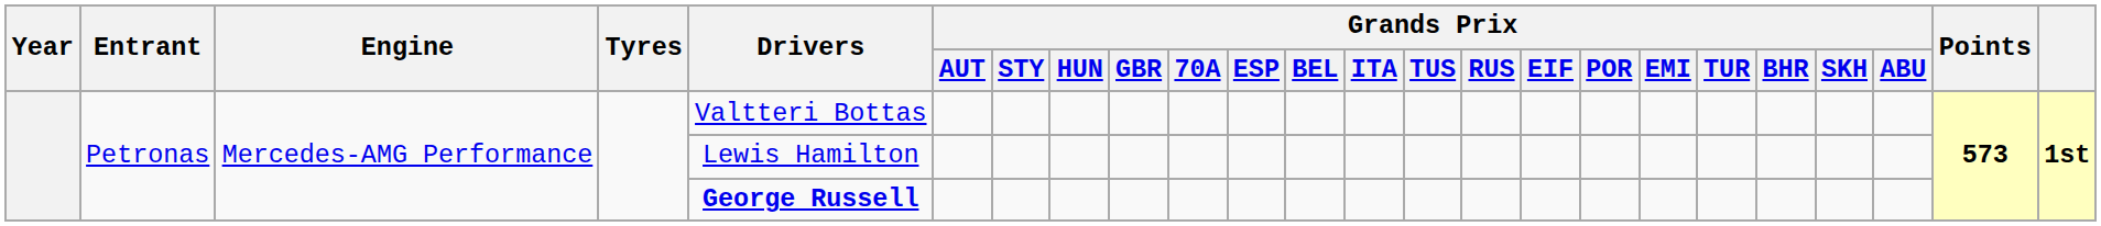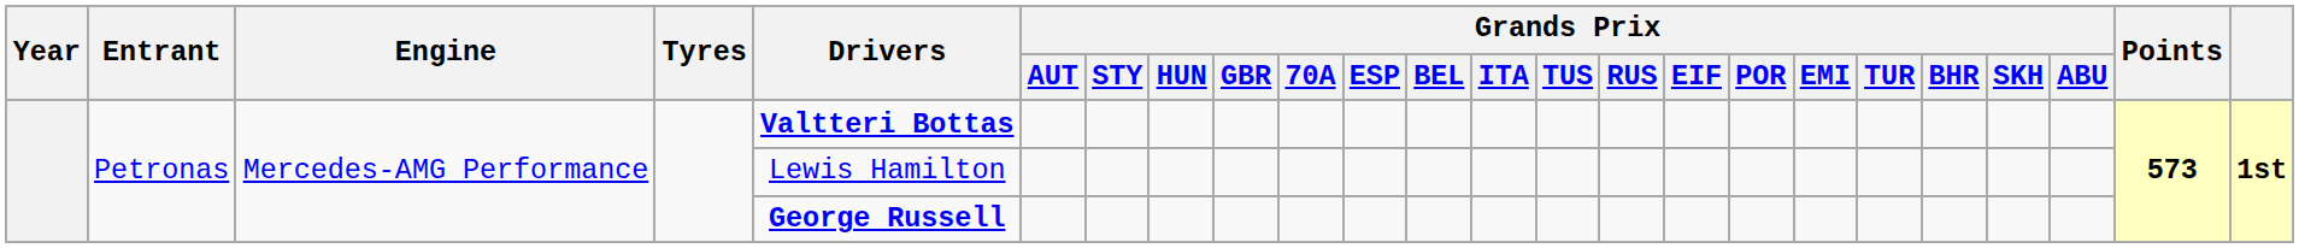 <table class="wikitable" style="text-align:center; font-size:90%">
 <tr>
 <th rowspan="2">Year</th>
 <th rowspan="2">Entrant</th>
 <th rowspan="2">Engine</th>
 <th rowspan="2">Tyres</th>
 <th rowspan="2">Drivers</th>
 <th colspan="17">Grands Prix</th>
 <th rowspan="2">Points</th>
 <th rowspan="2"></th>
 </tr>
 <tr>
 <th><a href='#'>AUT</a></th>
 <th><a href='#'>STY</a></th>
 <th><a href='#'>HUN</a></th>
 <th><a href='#'>GBR</a></th>
 <th><a href='#'>70A</a></th>
 <th><a href='#'>ESP</a></th>
 <th><a href='#'>BEL</a></th>
 <th><a href='#'>ITA</a></th>
 <th><a href='#'>TUS</a></th>
 <th><a href='#'>RUS</a></th>
 <th><a href='#'>EIF</a></th>
 <th><a href='#'>POR</a></th>
 <th><a href='#'>EMI</a></th>
 <th><a href='#'>TUR</a></th>
 <th><a href='#'>BHR</a></th>
 <th><a href='#'>SKH</a></th>
 <th><a href='#'>ABU</a></th>
 </tr>
 <tr>
 <th rowspan=3></th>
 <td rowspan=3><a href='#'> Petronas </a></td>
 <td rowspan=3><a href='#'>Mercedes-AMG  Performance</a></td>
 <td rowspan=3></td>
-<td align="center"><a href='#'>Valtteri Bottas</a></td>
+<td align="center"><strong><a href='#'>Valtteri Bottas</a></strong></td>
 <td></td>
 <td></td>
 <td></td>
 <td></td>
 <td></td>
 <td></td>
 <td></td>
 <td></td>
 <td></td>
 <td></td>
 <td></td>
 <td></td>
 <td></td>
 <td></td>
 <td></td>
 <td></td>
 <td></td>
 <th rowspan="3" style="background-color:#ffffbf">573</th>
 <th rowspan="3" style="background-color:#ffffbf">1st</th>
 </tr>
 <tr>
 <td align="center"><a href='#'>Lewis Hamilton</a></td>
 <td></td>
 <td></td>
 <td></td>
 <td></td>
 <td></td>
 <td></td>
 <td></td>
 <td></td>
 <td></td>
 <td></td>
 <td></td>
 <td></td>
 <td></td>
 <td></td>
 <td></td>
 <td></td>
 <td></td>
 </tr>
 <tr>
 <td align="center"><strong><a href='#'>George Russell</a></strong></td>
 <td></td>
 <td></td>
 <td></td>
 <td></td>
 <td></td>
 <td></td>
 <td></td>
 <td></td>
 <td></td>
 <td></td>
 <td></td>
 <td></td>
 <td></td>
 <td></td>
 <td></td>
 <td></td>
 <td></td>
 </tr>
 </table>
